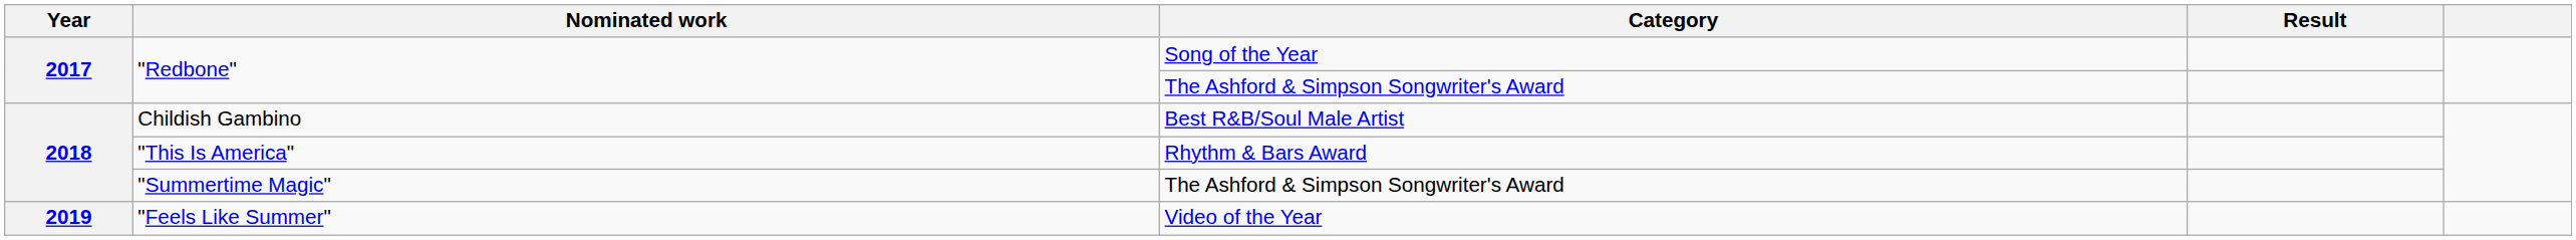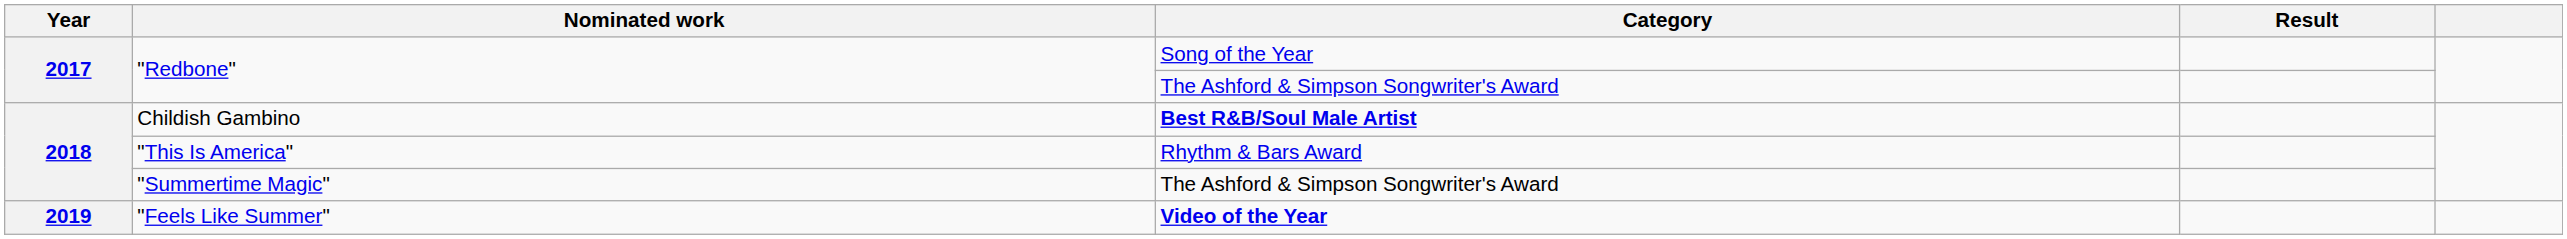 <table class="wikitable plainrowheaders" style="width:100%;">
 <tr>
 <th scope="col" style="width:5%;">Year</th>
 <th scope="col" style="width:40%;">Nominated work</th>
 <th scope="col" style="width:40%;">Category</th>
 <th scope="col" style="width:10%;">Result</th>
 <th scope="col" style="width:5%;"></th>
 </tr>
 <tr>
 <th scope="row" style="text-align:center;" rowspan="2"><a href='#'>2017</a></th>
 <td rowspan="2">"<a href='#'>Redbone</a>"</td>
 <td><a href='#'>Song of the Year</a></td>
 <td></td>
 <td style="text-align:center;" rowspan="2"></td>
 </tr>
 <tr>
 <td><a href='#'>The Ashford & Simpson Songwriter's Award</a></td>
 <td></td>
 </tr>
 <tr>
 <th scope="row" style="text-align:center;" rowspan="3"><a href='#'>2018</a></th>
 <td>Childish Gambino</td>
-<td><a href='#'>Best R&B/Soul Male Artist</a></td>
+<td><strong><a href='#'>Best R&B/Soul Male Artist</a></strong></td>
 <td></td>
 <td style="text-align:center;" rowspan="3"></td>
 </tr>
 <tr>
 <td>"<a href='#'>This Is America</a>"</td>
 <td><a href='#'>Rhythm & Bars Award</a></td>
 <td></td>
 </tr>
 <tr>
 <td>"<a href='#'>Summertime Magic</a>"</td>
 <td>The Ashford & Simpson Songwriter's Award</td>
 <td></td>
 </tr>
 <tr>
 <th scope="row" style="text-align:center;"><a href='#'>2019</a></th>
 <td>"<a href='#'>Feels Like Summer</a>"</td>
-<td><a href='#'>Video of the Year</a></td>
+<td><strong><a href='#'>Video of the Year</a></strong></td>
 <td></td>
 <td style="text-align:center;"></td>
 </tr>
 </table>
